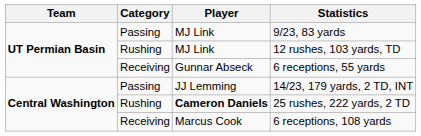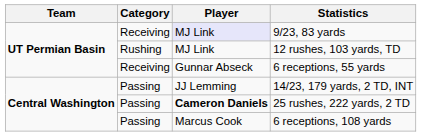 <table class="wikitable" style="float: right;">
 <tr>
 <th>Team</th>
 <th>Category</th>
 <th>Player</th>
 <th>Statistics</th>
 </tr>
 <tr>
 <td rowspan=3><strong>UT Permian Basin</strong></td>
-<td>Passing</td>
-<td>MJ Link</td>
+<td>Receiving</td>
+<td style="background: lavender;">MJ Link</td>
 <td>9/23, 83 yards</td>
 </tr>
 <tr>
 <td>Rushing</td>
 <td>MJ Link</td>
 <td>12 rushes, 103 yards, TD</td>
 </tr>
 <tr>
 <td>Receiving</td>
 <td>Gunnar Abseck</td>
 <td>6 receptions, 55 yards</td>
 </tr>
 <tr>
 <td rowspan=3><strong>Central Washington</strong></td>
 <td>Passing</td>
 <td>JJ Lemming</td>
 <td>14/23, 179 yards, 2 TD, INT</td>
 </tr>
 <tr>
-<td>Rushing</td>
+<td>Passing</td>
 <td><strong>Cameron Daniels</strong></td>
 <td>25 rushes, 222 yards, 2 TD</td>
 </tr>
 <tr>
-<td>Receiving</td>
+<td>Passing</td>
 <td>Marcus Cook</td>
 <td>6 receptions, 108 yards</td>
 </tr>
 </table>
